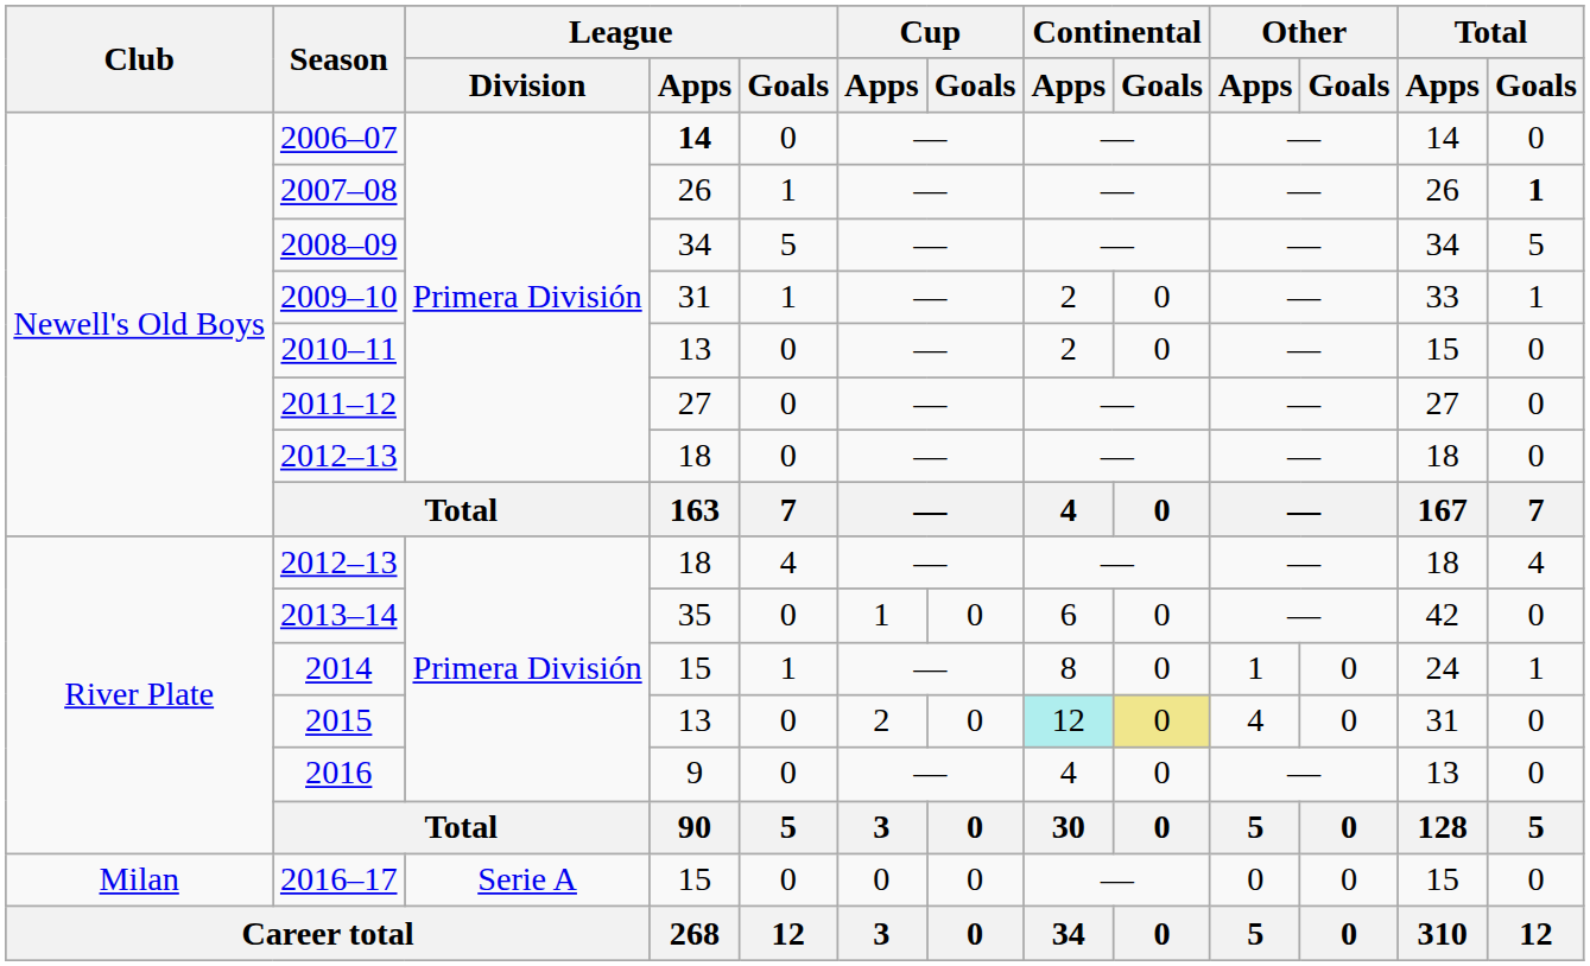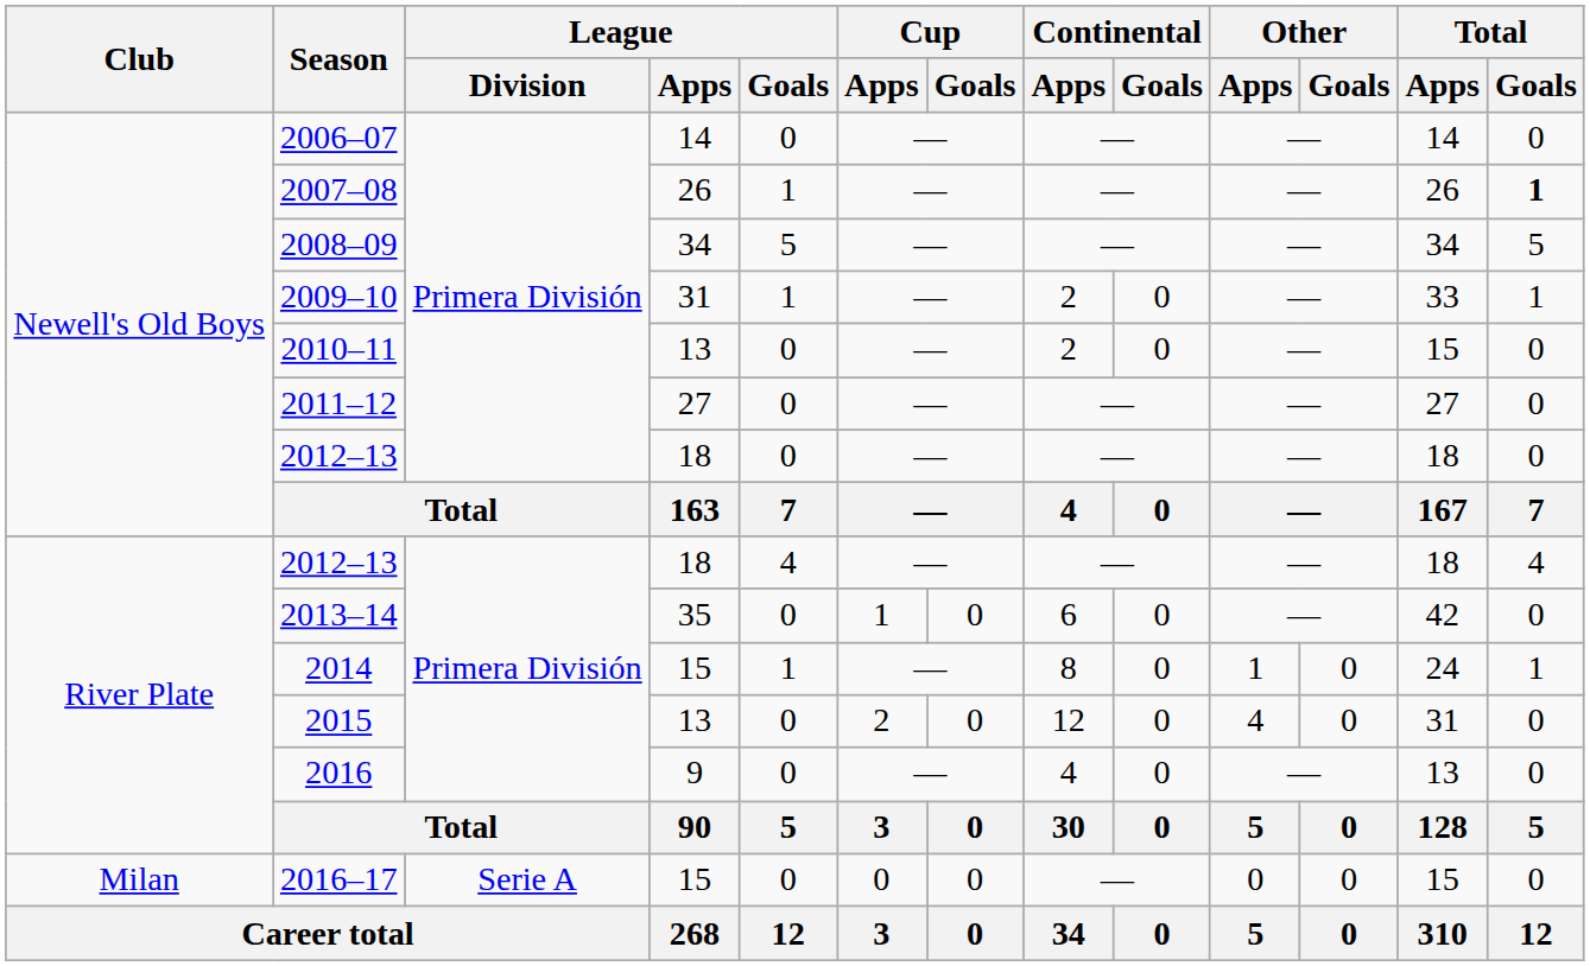 <table class="wikitable" style="text-align: center;">
 <tr>
 <th rowspan="2">Club</th>
 <th rowspan="2">Season</th>
 <th colspan="3">League</th>
 <th colspan="2">Cup</th>
 <th colspan="2">Continental</th>
 <th colspan="2">Other</th>
 <th colspan="2">Total</th>
 </tr>
 <tr>
 <th>Division</th>
 <th>Apps</th>
 <th>Goals</th>
 <th>Apps</th>
 <th>Goals</th>
 <th>Apps</th>
 <th>Goals</th>
 <th>Apps</th>
 <th>Goals</th>
 <th>Apps</th>
 <th>Goals</th>
 </tr>
 <tr>
 <td rowspan="8"><a href='#'>Newell's Old Boys</a></td>
 <td><a href='#'>2006–07</a></td>
 <td rowspan="7"><a href='#'>Primera División</a></td>
-<td><strong>14</strong></td>
+<td>14</td>
 <td>0</td>
 <td colspan="2">—</td>
 <td colspan="2">—</td>
 <td colspan="2">—</td>
 <td>14</td>
 <td>0</td>
 </tr>
 <tr>
 <td><a href='#'>2007–08</a></td>
 <td>26</td>
 <td>1</td>
 <td colspan="2">—</td>
 <td colspan="2">—</td>
 <td colspan="2">—</td>
 <td>26</td>
 <td><strong>1</strong></td>
 </tr>
 <tr>
 <td><a href='#'>2008–09</a></td>
 <td>34</td>
 <td>5</td>
 <td colspan="2">—</td>
 <td colspan="2">—</td>
 <td colspan="2">—</td>
 <td>34</td>
 <td>5</td>
 </tr>
 <tr>
 <td><a href='#'>2009–10</a></td>
 <td>31</td>
 <td>1</td>
 <td colspan="2">—</td>
 <td>2</td>
 <td>0</td>
 <td colspan="2">—</td>
 <td>33</td>
 <td>1</td>
 </tr>
 <tr>
 <td><a href='#'>2010–11</a></td>
 <td>13</td>
 <td>0</td>
 <td colspan="2">—</td>
 <td>2</td>
 <td>0</td>
 <td colspan="2">—</td>
 <td>15</td>
 <td>0</td>
 </tr>
 <tr>
 <td><a href='#'>2011–12</a></td>
 <td>27</td>
 <td>0</td>
 <td colspan="2">—</td>
 <td colspan="2">—</td>
 <td colspan="2">—</td>
 <td>27</td>
 <td>0</td>
 </tr>
 <tr>
 <td><a href='#'>2012–13</a></td>
 <td>18</td>
 <td>0</td>
 <td colspan="2">—</td>
 <td colspan="2">—</td>
 <td colspan="2">—</td>
 <td>18</td>
 <td>0</td>
 </tr>
 <tr>
 <th colspan="2">Total</th>
 <th>163</th>
 <th>7</th>
 <th colspan="2">—</th>
 <th>4</th>
 <th>0</th>
 <th colspan="2">—</th>
 <th>167</th>
 <th>7</th>
 </tr>
 <tr>
 <td rowspan="6"><a href='#'>River Plate</a></td>
 <td><a href='#'>2012–13</a></td>
 <td rowspan="5"><a href='#'>Primera División</a></td>
 <td>18</td>
 <td>4</td>
 <td colspan="2">—</td>
 <td colspan="2">—</td>
 <td colspan="2">—</td>
 <td>18</td>
 <td>4</td>
 </tr>
 <tr>
 <td><a href='#'>2013–14</a></td>
 <td>35</td>
 <td>0</td>
 <td>1</td>
 <td>0</td>
 <td>6</td>
 <td>0</td>
 <td colspan="2">—</td>
 <td>42</td>
 <td>0</td>
 </tr>
 <tr>
 <td><a href='#'>2014</a></td>
 <td>15</td>
 <td>1</td>
 <td colspan="2">—</td>
 <td>8</td>
 <td>0</td>
 <td>1</td>
 <td>0</td>
 <td>24</td>
 <td>1</td>
 </tr>
 <tr>
 <td><a href='#'>2015</a></td>
 <td>13</td>
 <td>0</td>
 <td>2</td>
 <td>0</td>
-<td style="background: paleturquoise;">12</td>
-<td style="background: khaki;">0</td>
+<td>12</td>
+<td>0</td>
 <td>4</td>
 <td>0</td>
 <td>31</td>
 <td>0</td>
 </tr>
 <tr>
 <td><a href='#'>2016</a></td>
 <td>9</td>
 <td>0</td>
 <td colspan="2">—</td>
 <td>4</td>
 <td>0</td>
 <td colspan="2">—</td>
 <td>13</td>
 <td>0</td>
 </tr>
 <tr>
 <th colspan="2">Total</th>
 <th>90</th>
 <th>5</th>
 <th>3</th>
 <th>0</th>
 <th>30</th>
 <th>0</th>
 <th>5</th>
 <th>0</th>
 <th>128</th>
 <th>5</th>
 </tr>
 <tr>
 <td><a href='#'>Milan</a></td>
 <td><a href='#'>2016–17</a></td>
 <td><a href='#'>Serie A</a></td>
 <td>15</td>
 <td>0</td>
 <td>0</td>
 <td>0</td>
 <td colspan="2">—</td>
 <td>0</td>
 <td>0</td>
 <td>15</td>
 <td>0</td>
 </tr>
 <tr>
 <th colspan="3">Career total</th>
 <th>268</th>
 <th>12</th>
 <th>3</th>
 <th>0</th>
 <th>34</th>
 <th>0</th>
 <th>5</th>
 <th>0</th>
 <th>310</th>
 <th>12</th>
 </tr>
 </table>
